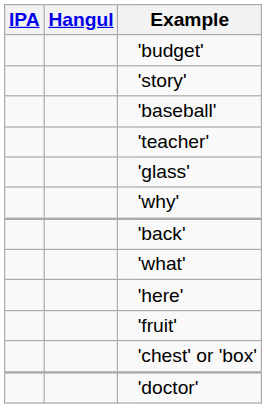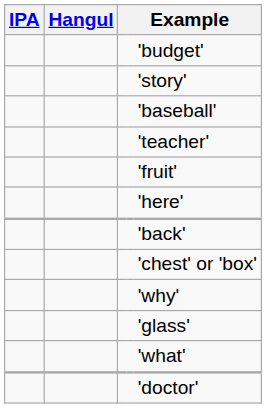 <table class="wikitable">
 <tr>
 <th><a href='#'>IPA</a></th>
 <th><a href='#'>Hangul</a></th>
 <th colspan="3">Example</th>
 </tr>
 <tr>
 <td></td>
 <td></td>
 <td style="border-right: 0;"> </td>
 <td style="border-left: 0; border-right: 0;"></td>
 <td style="border-left: 0;">'budget'</td>
 </tr>
 <tr>
 <td></td>
 <td></td>
 <td style="border-right: 0;"> </td>
 <td style="border-left: 0; border-right: 0;"></td>
 <td style="border-left: 0;">'story'</td>
 </tr>
 <tr>
 <td></td>
 <td></td>
 <td style="border-right: 0;"> </td>
 <td style="border-left: 0; border-right: 0;"></td>
 <td style="border-left: 0;">'baseball'</td>
 </tr>
 <tr>
 <td></td>
 <td></td>
 <td style="border-right: 0;"> </td>
 <td style="border-left: 0; border-right: 0;"></td>
 <td style="border-left: 0;">'teacher'</td>
 </tr>
 <tr>
 <td></td>
 <td></td>
 <td style="border-right: 0;"> </td>
 <td style="border-left: 0; border-right: 0;"></td>
-<td style="border-left: 0;">'glass'</td>
+<td style="border-left: 0;">'fruit'</td>
 </tr>
 <tr>
 <td></td>
 <td></td>
 <td style="border-right: 0;"> </td>
 <td style="border-left: 0; border-right: 0;"></td>
-<td style="border-left: 0;">'why'</td>
+<td style="border-left: 0;">'here'</td>
 </tr>
 <tr style="border-top: 2px solid #aaa;">
 <td></td>
 <td></td>
 <td style="border-right: 0;"> </td>
 <td style="border-left: 0; border-right: 0;"></td>
 <td style="border-left: 0;">'back'</td>
 </tr>
 <tr>
 <td></td>
 <td></td>
 <td style="border-right: 0;"> </td>
 <td style="border-left: 0; border-right: 0;"></td>
-<td style="border-left: 0;">'what'</td>
+<td style="border-left: 0;">'chest' or 'box'</td>
 </tr>
 <tr>
 <td></td>
 <td></td>
 <td style="border-right: 0;"> </td>
 <td style="border-left: 0; border-right: 0;"></td>
-<td style="border-left: 0;">'here'</td>
+<td style="border-left: 0;">'why'</td>
 </tr>
 <tr>
 <td></td>
 <td></td>
 <td style="border-right: 0;"> </td>
 <td style="border-left: 0; border-right: 0;"></td>
-<td style="border-left: 0;">'fruit'</td>
+<td style="border-left: 0;">'glass'</td>
 </tr>
 <tr>
 <td></td>
 <td></td>
 <td style="border-right: 0;"> </td>
 <td style="border-left: 0; border-right: 0;"></td>
-<td style="border-left: 0;">'chest' or 'box'</td>
+<td style="border-left: 0;">'what'</td>
 </tr>
 <tr style="border-top: 2px solid #aaa;">
 <td></td>
 <td></td>
 <td style="border-right: 0;"> </td>
 <td style="border-left: 0; border-right: 0;"></td>
 <td style="border-left: 0;">'doctor'</td>
 </tr>
 </table>
